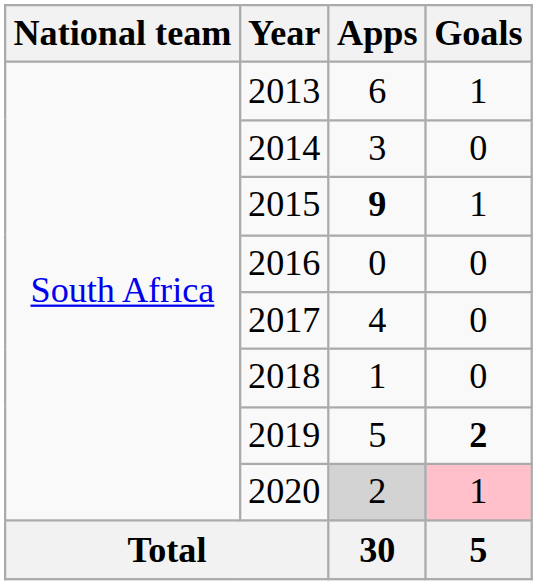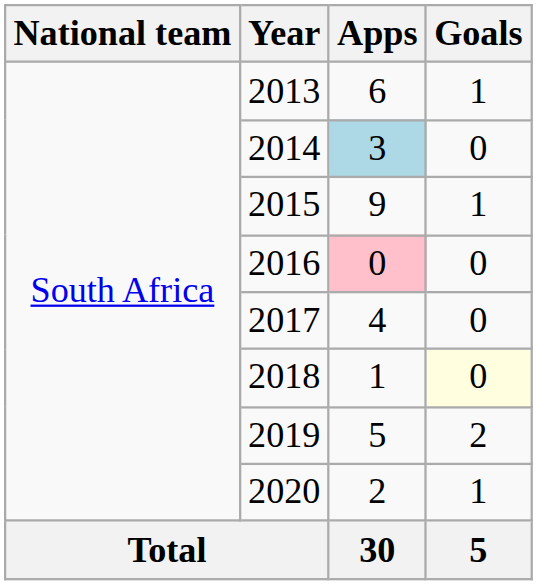 <table class="wikitable" style="text-align:center">
 <tr>
 <th>National team</th>
 <th>Year</th>
 <th>Apps</th>
 <th>Goals</th>
 </tr>
 <tr>
 <td rowspan="8"><a href='#'>South Africa</a></td>
 <td>2013</td>
 <td>6</td>
 <td>1</td>
 </tr>
 <tr>
 <td>2014</td>
-<td>3</td>
+<td style="background: lightblue;">3</td>
 <td>0</td>
 </tr>
 <tr>
 <td>2015</td>
-<td><strong>9</strong></td>
+<td>9</td>
 <td>1</td>
 </tr>
 <tr>
 <td>2016</td>
-<td>0</td>
+<td style="background: pink;">0</td>
 <td>0</td>
 </tr>
 <tr>
 <td>2017</td>
 <td>4</td>
 <td>0</td>
 </tr>
 <tr>
 <td>2018</td>
 <td>1</td>
-<td>0</td>
+<td style="background: lightyellow;">0</td>
 </tr>
 <tr>
 <td>2019</td>
 <td>5</td>
-<td><strong>2</strong></td>
+<td>2</td>
 </tr>
 <tr>
 <td>2020</td>
-<td style="background: lightgrey;">2</td>
-<td style="background: pink;">1</td>
+<td>2</td>
+<td>1</td>
 </tr>
 <tr>
 <th colspan="2">Total</th>
 <th>30</th>
 <th>5</th>
 </tr>
 </table>
